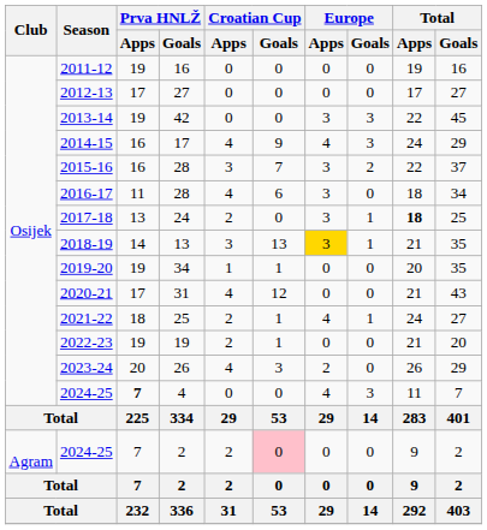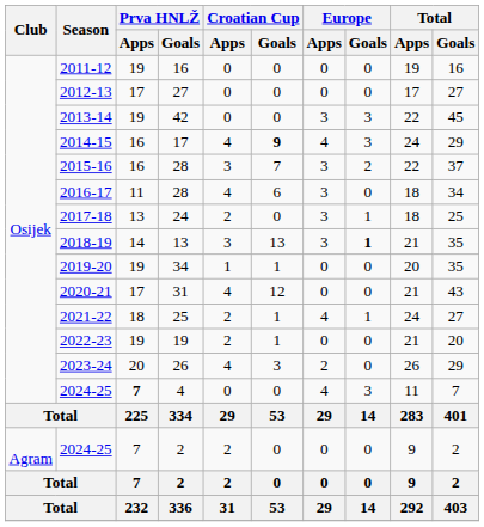 <table class="wikitable" style="font-size:100%; text-align: center;">
 <tr>
 <th rowspan=2>Club</th>
 <th rowspan=2>Season</th>
 <th colspan=2><a href='#'>Prva HNLŽ</a></th>
 <th colspan=2><a href='#'>Croatian Cup</a></th>
 <th colspan=2><a href='#'>Europe</a></th>
 <th colspan=2>Total</th>
 </tr>
 <tr>
 <th>Apps</th>
 <th>Goals</th>
 <th>Apps</th>
 <th>Goals</th>
 <th>Apps</th>
 <th>Goals</th>
 <th>Apps</th>
 <th>Goals</th>
 </tr>
 <tr>
 <td rowspan=14><a href='#'>Osijek</a></td>
 <td><a href='#'>2011-12</a></td>
 <td>19</td>
 <td>16</td>
 <td>0</td>
 <td>0</td>
 <td>0</td>
 <td>0</td>
 <td>19</td>
 <td>16</td>
 </tr>
 <tr>
 <td><a href='#'>2012-13</a></td>
 <td>17</td>
 <td>27</td>
 <td>0</td>
 <td>0</td>
 <td>0</td>
 <td>0</td>
 <td>17</td>
 <td>27</td>
 </tr>
 <tr>
 <td><a href='#'>2013-14</a></td>
 <td>19</td>
 <td>42</td>
 <td>0</td>
 <td>0</td>
 <td>3</td>
 <td>3</td>
 <td>22</td>
 <td>45</td>
 </tr>
 <tr>
 <td><a href='#'>2014-15</a></td>
 <td>16</td>
 <td>17</td>
 <td>4</td>
-<td>9</td>
+<td><strong>9</strong></td>
 <td>4</td>
 <td>3</td>
 <td>24</td>
 <td>29</td>
 </tr>
 <tr>
 <td><a href='#'>2015-16</a></td>
 <td>16</td>
 <td>28</td>
 <td>3</td>
 <td>7</td>
 <td>3</td>
 <td>2</td>
 <td>22</td>
 <td>37</td>
 </tr>
 <tr>
 <td><a href='#'>2016-17</a></td>
 <td>11</td>
 <td>28</td>
 <td>4</td>
 <td>6</td>
 <td>3</td>
 <td>0</td>
 <td>18</td>
 <td>34</td>
 </tr>
 <tr>
 <td><a href='#'>2017-18</a></td>
 <td>13</td>
 <td>24</td>
 <td>2</td>
 <td>0</td>
 <td>3</td>
 <td>1</td>
-<td><strong>18</strong></td>
+<td>18</td>
 <td>25</td>
 </tr>
 <tr>
 <td><a href='#'>2018-19</a></td>
 <td>14</td>
 <td>13</td>
 <td>3</td>
 <td>13</td>
-<td style="background: gold;">3</td>
-<td>1</td>
+<td>3</td>
+<td><strong>1</strong></td>
 <td>21</td>
 <td>35</td>
 </tr>
 <tr>
 <td><a href='#'>2019-20</a></td>
 <td>19</td>
 <td>34</td>
 <td>1</td>
 <td>1</td>
 <td>0</td>
 <td>0</td>
 <td>20</td>
 <td>35</td>
 </tr>
 <tr>
 <td><a href='#'>2020-21</a></td>
 <td>17</td>
 <td>31</td>
 <td>4</td>
 <td>12</td>
 <td>0</td>
 <td>0</td>
 <td>21</td>
 <td>43</td>
 </tr>
 <tr>
 <td><a href='#'>2021-22</a></td>
 <td>18</td>
 <td>25</td>
 <td>2</td>
 <td>1</td>
 <td>4</td>
 <td>1</td>
 <td>24</td>
 <td>27</td>
 </tr>
 <tr>
 <td><a href='#'>2022-23</a></td>
 <td>19</td>
 <td>19</td>
 <td>2</td>
 <td>1</td>
 <td>0</td>
 <td>0</td>
 <td>21</td>
 <td>20</td>
 </tr>
 <tr>
 <td><a href='#'>2023-24</a></td>
 <td>20</td>
 <td>26</td>
 <td>4</td>
 <td>3</td>
 <td>2</td>
 <td>0</td>
 <td>26</td>
 <td>29</td>
 </tr>
 <tr>
 <td><a href='#'>2024-25</a></td>
 <td><strong>7</strong></td>
 <td>4</td>
 <td>0</td>
 <td>0</td>
 <td>4</td>
 <td>3</td>
 <td>11</td>
 <td>7</td>
 </tr>
 <tr>
 <th colspan="2">Total</th>
 <th>225</th>
 <th>334</th>
 <th>29</th>
 <th>53</th>
 <th>29</th>
 <th>14</th>
 <th>283</th>
 <th>401</th>
 </tr>
 <tr>
 <td rowspan=1><br><a href='#'>Agram</a></td>
 <td><a href='#'>2024-25</a></td>
 <td>7</td>
 <td>2</td>
 <td>2</td>
-<td style="background: pink;">0</td>
+<td>0</td>
 <td>0</td>
 <td>0</td>
 <td>9</td>
 <td>2</td>
 </tr>
 <tr>
 <th colspan="2">Total</th>
 <th>7</th>
 <th>2</th>
 <th>2</th>
 <th>0</th>
 <th>0</th>
 <th>0</th>
 <th>9</th>
 <th>2</th>
 </tr>
 <tr>
 <th colspan="2">Total</th>
 <th>232</th>
 <th>336</th>
 <th>31</th>
 <th>53</th>
 <th>29</th>
 <th>14</th>
 <th>292</th>
 <th>403</th>
 </tr>
 <tr>
 </tr>
 </table>
